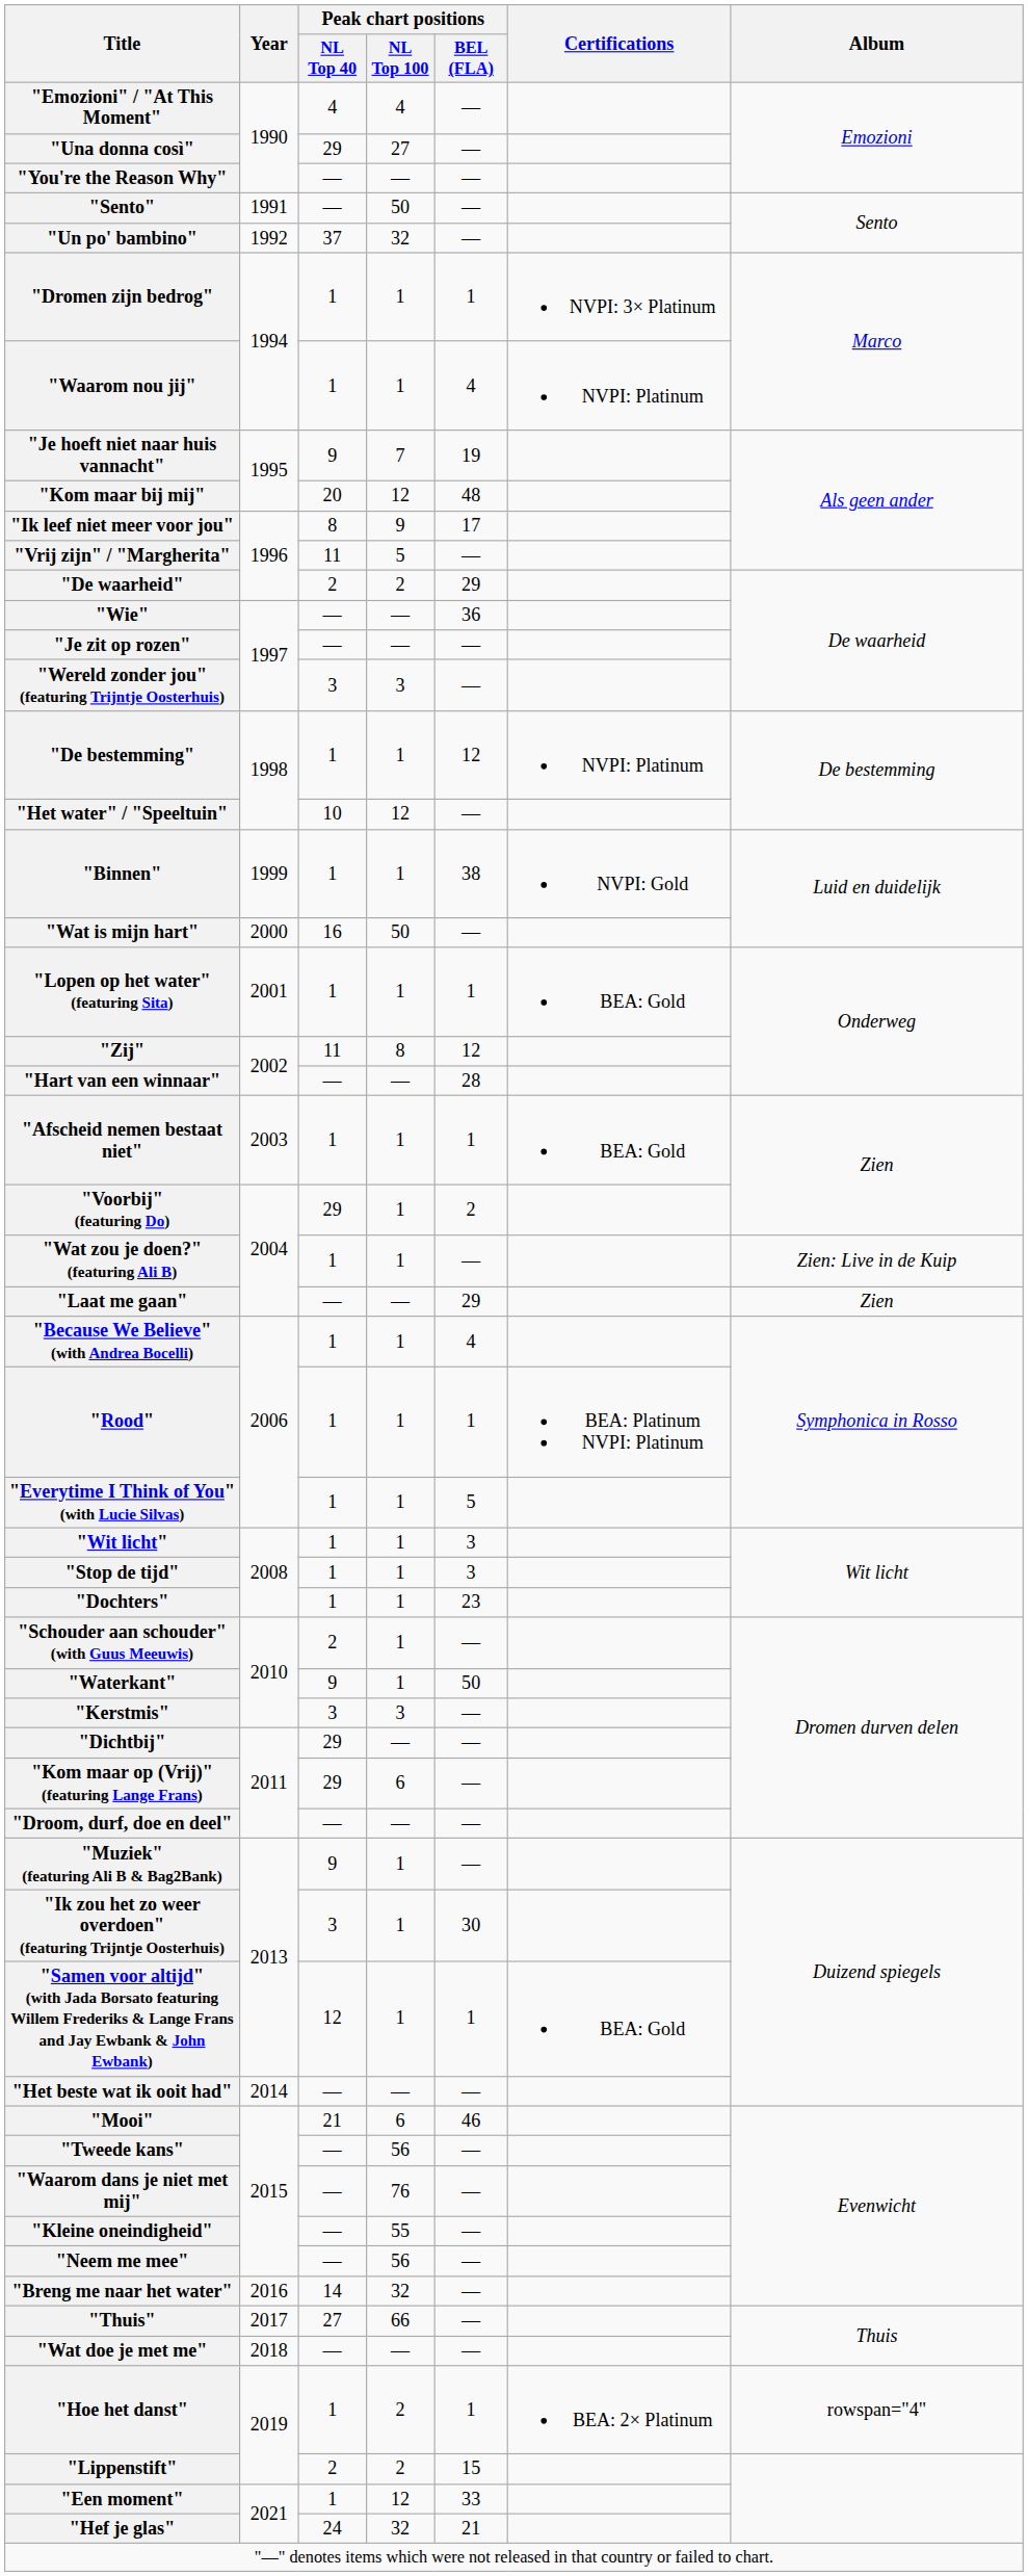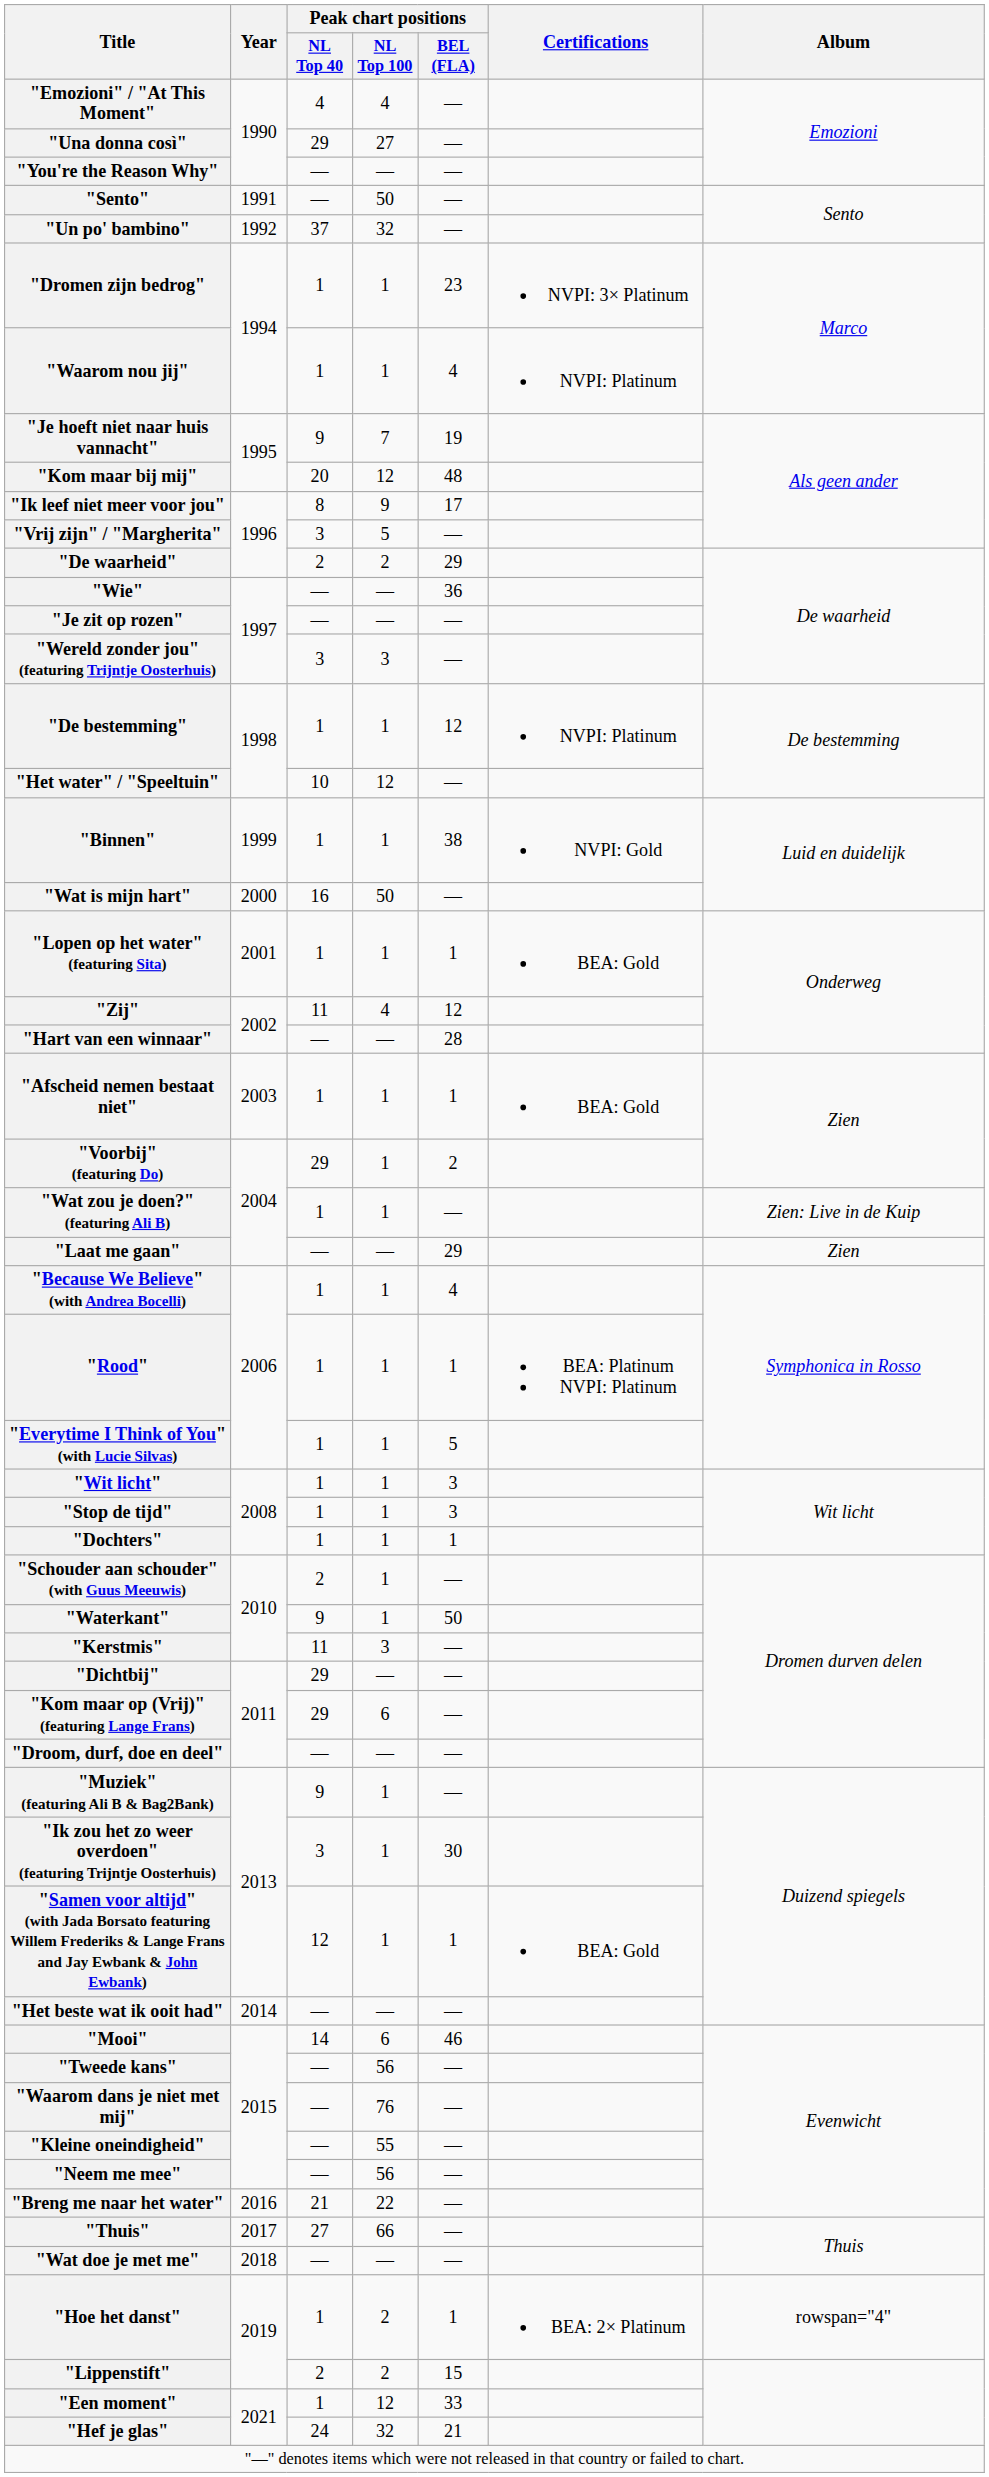 <table class="wikitable plainrowheaders" style="text-align:center;" border="1">
 <tr>
 <th scope="col" rowspan="2" style="width:15em;">Title</th>
 <th scope="col" rowspan="2" style="width:3em;">Year</th>
 <th scope="col" colspan="3">Peak chart positions</th>
 <th scope="col" rowspan="2" style="width:14em;"><a href='#'>Certifications</a></th>
 <th scope="col" rowspan="2" style="width:20em;">Album</th>
 </tr>
 <tr>
 <th scope="col" style="width:4.5em;font-size:90%;"><a href='#'>NL<br>Top 40</a><br></th>
 <th scope="col" style="width:4.5em;font-size:90%;"><a href='#'>NL<br>Top 100</a><br></th>
 <th scope="col" style="width:4.5em;font-size:90%;"><a href='#'>BEL<br>(FLA)</a><br></th>
 </tr>
 <tr>
 <th scope="row">"Emozioni" / "At This Moment"</th>
 <td rowspan="3">1990</td>
 <td>4</td>
 <td>4</td>
 <td>—</td>
 <td></td>
 <td rowspan="3"><em><a href='#'>Emozioni</a></em></td>
 </tr>
 <tr>
 <th scope="row">"Una donna così"</th>
 <td>29</td>
 <td>27</td>
 <td>—</td>
 <td></td>
 </tr>
 <tr>
 <th scope="row">"You're the Reason Why"</th>
 <td>—</td>
 <td>—</td>
 <td>—</td>
 <td></td>
 </tr>
 <tr>
 <th scope="row">"Sento"</th>
 <td>1991</td>
 <td>—</td>
 <td>50</td>
 <td>—</td>
 <td></td>
 <td rowspan="2"><em>Sento</em></td>
 </tr>
 <tr>
 <th scope="row">"Un po' bambino"</th>
 <td>1992</td>
 <td>37</td>
 <td>32</td>
 <td>—</td>
 <td></td>
 </tr>
 <tr>
 <th scope="row">"Dromen zijn bedrog"</th>
 <td rowspan="2">1994</td>
 <td>1</td>
 <td>1</td>
-<td>1</td>
+<td>23</td>
 <td><br><ul><li>NVPI: 3× Platinum</li></ul></td>
 <td rowspan="2"><em><a href='#'>Marco</a></em></td>
 </tr>
 <tr>
 <th scope="row">"Waarom nou jij"</th>
 <td>1</td>
 <td>1</td>
 <td>4</td>
 <td><br><ul><li>NVPI: Platinum</li></ul></td>
 </tr>
 <tr>
 <th scope="row">"Je hoeft niet naar huis vannacht"</th>
 <td rowspan="2">1995</td>
 <td>9</td>
 <td>7</td>
 <td>19</td>
 <td></td>
 <td rowspan="4"><em><a href='#'>Als geen ander</a></em></td>
 </tr>
 <tr>
 <th scope="row">"Kom maar bij mij"</th>
 <td>20</td>
 <td>12</td>
 <td>48</td>
 <td></td>
 </tr>
 <tr>
 <th scope="row">"Ik leef niet meer voor jou"</th>
 <td rowspan="3">1996</td>
 <td>8</td>
 <td>9</td>
 <td>17</td>
 <td></td>
 </tr>
 <tr>
 <th scope="row">"Vrij zijn" / "Margherita"</th>
-<td>11</td>
+<td>3</td>
 <td>5</td>
 <td>—</td>
 <td></td>
 </tr>
 <tr>
 <th scope="row">"De waarheid"</th>
 <td>2</td>
 <td>2</td>
 <td>29</td>
 <td></td>
 <td rowspan="4"><em>De waarheid</em></td>
 </tr>
 <tr>
 <th scope="row">"Wie"</th>
 <td rowspan="3">1997</td>
 <td>—</td>
 <td>—</td>
 <td>36</td>
 <td></td>
 </tr>
 <tr>
 <th scope="row">"Je zit op rozen"</th>
 <td>—</td>
 <td>—</td>
 <td>—</td>
 <td></td>
 </tr>
 <tr>
 <th scope="row">"Wereld zonder jou"<br><small>(featuring <a href='#'>Trijntje Oosterhuis</a>)</small></th>
 <td>3</td>
 <td>3</td>
 <td>—</td>
 <td></td>
 </tr>
 <tr>
 <th scope="row">"De bestemming"</th>
 <td rowspan="2">1998</td>
 <td>1</td>
 <td>1</td>
 <td>12</td>
 <td><br><ul><li>NVPI: Platinum</li></ul></td>
 <td rowspan="2"><em>De bestemming</em></td>
 </tr>
 <tr>
 <th scope="row">"Het water" / "Speeltuin"</th>
 <td>10</td>
 <td>12</td>
 <td>—</td>
 <td></td>
 </tr>
 <tr>
 <th scope="row">"Binnen"</th>
 <td>1999</td>
 <td>1</td>
 <td>1</td>
 <td>38</td>
 <td><br><ul><li>NVPI: Gold</li></ul></td>
 <td rowspan="2"><em>Luid en duidelijk</em></td>
 </tr>
 <tr>
 <th scope="row">"Wat is mijn hart"</th>
 <td>2000</td>
 <td>16</td>
 <td>50</td>
 <td>—</td>
 <td></td>
 </tr>
 <tr>
 <th scope="row">"Lopen op het water"<br><small>(featuring <a href='#'>Sita</a>)</small></th>
 <td>2001</td>
 <td>1</td>
 <td>1</td>
 <td>1</td>
 <td><br><ul><li>BEA: Gold</li></ul></td>
 <td rowspan="3"><em>Onderweg</em></td>
 </tr>
 <tr>
 <th scope="row">"Zij"<br></th>
 <td rowspan="2">2002</td>
 <td>11</td>
-<td>8</td>
+<td>4</td>
 <td>12</td>
 <td></td>
 </tr>
 <tr>
 <th scope="row">"Hart van een winnaar"</th>
 <td>—</td>
 <td>—</td>
 <td>28</td>
 <td></td>
 </tr>
 <tr>
 <th scope="row">"Afscheid nemen bestaat niet"</th>
 <td>2003</td>
 <td>1</td>
 <td>1</td>
 <td>1</td>
 <td><br><ul><li>BEA: Gold</li></ul></td>
 <td rowspan="2"><em>Zien</em></td>
 </tr>
 <tr>
 <th scope="row">"Voorbij"<br><small>(featuring <a href='#'>Do</a>)</small></th>
 <td rowspan="3">2004</td>
 <td>29</td>
 <td>1</td>
 <td>2</td>
 <td></td>
 </tr>
 <tr>
 <th scope="row">"Wat zou je doen?"<br><small>(featuring <a href='#'>Ali B</a>)</small></th>
 <td>1</td>
 <td>1</td>
 <td>—</td>
 <td></td>
 <td><em>Zien: Live in de Kuip</em></td>
 </tr>
 <tr>
 <th scope="row">"Laat me gaan"</th>
 <td>—</td>
 <td>—</td>
 <td>29</td>
 <td></td>
 <td><em>Zien</em></td>
 </tr>
 <tr>
 <th scope="row">"<a href='#'>Because We Believe</a>"<br><small>(with <a href='#'>Andrea Bocelli</a>)</small></th>
 <td rowspan="3">2006</td>
 <td>1</td>
 <td>1</td>
 <td>4</td>
 <td></td>
 <td rowspan="3"><em><a href='#'>Symphonica in Rosso</a></em></td>
 </tr>
 <tr>
 <th scope="row">"<a href='#'>Rood</a>"</th>
 <td>1</td>
 <td>1</td>
 <td>1</td>
 <td><br><ul><li>BEA: Platinum</li><li>NVPI: Platinum</li></ul></td>
 </tr>
 <tr>
 <th scope="row">"<a href='#'>Everytime I Think of You</a>"<br><small>(with <a href='#'>Lucie Silvas</a>)</small></th>
 <td>1</td>
 <td>1</td>
 <td>5</td>
 <td></td>
 </tr>
 <tr>
 <th scope="row">"<a href='#'>Wit licht</a>"</th>
 <td rowspan="3">2008</td>
 <td>1</td>
 <td>1</td>
 <td>3</td>
 <td></td>
 <td rowspan="3"><em>Wit licht</em></td>
 </tr>
 <tr>
 <th scope="row">"Stop de tijd"</th>
 <td>1</td>
 <td>1</td>
 <td>3</td>
 <td></td>
 </tr>
 <tr>
 <th scope="row">"Dochters"</th>
 <td>1</td>
 <td>1</td>
-<td>23</td>
+<td>1</td>
 <td></td>
 </tr>
 <tr>
 <th scope="row">"Schouder aan schouder"<br><small>(with <a href='#'>Guus Meeuwis</a>)</small></th>
 <td rowspan="3">2010</td>
 <td>2</td>
 <td>1</td>
 <td>—</td>
 <td></td>
 <td rowspan="6"><em>Dromen durven delen</em></td>
 </tr>
 <tr>
 <th scope="row">"Waterkant"</th>
 <td>9</td>
 <td>1</td>
 <td>50</td>
 <td></td>
 </tr>
 <tr>
 <th scope="row">"Kerstmis"</th>
-<td>3</td>
+<td>11</td>
 <td>3</td>
 <td>—</td>
 <td></td>
 </tr>
 <tr>
 <th scope="row">"Dichtbij"</th>
 <td rowspan="3">2011</td>
 <td>29</td>
 <td>—</td>
 <td>—</td>
 <td></td>
 </tr>
 <tr>
 <th scope="row">"Kom maar op (Vrij)"<br><small>(featuring <a href='#'>Lange Frans</a>)</small></th>
 <td>29</td>
 <td>6</td>
 <td>—</td>
 <td></td>
 </tr>
 <tr>
 <th scope="row">"Droom, durf, doe en deel"</th>
 <td>—</td>
 <td>—</td>
 <td>—</td>
 <td></td>
 </tr>
 <tr>
 <th scope="row">"Muziek"<br><small>(featuring Ali B & Bag2Bank)</small></th>
 <td rowspan="3">2013</td>
 <td>9</td>
 <td>1</td>
 <td>—</td>
 <td></td>
 <td rowspan="4"><em>Duizend spiegels</em></td>
 </tr>
 <tr>
 <th scope="row">"Ik zou het zo weer overdoen"<br><small>(featuring Trijntje Oosterhuis)</small></th>
 <td>3</td>
 <td>1</td>
 <td>30</td>
 <td></td>
 </tr>
 <tr>
 <th scope="row">"<a href='#'>Samen voor altijd</a>"<br><small>(with Jada Borsato featuring Willem Frederiks & Lange Frans and Jay Ewbank & <a href='#'>John Ewbank</a>)</small></th>
 <td>12</td>
 <td>1</td>
 <td>1</td>
 <td><br><ul><li>BEA: Gold</li></ul></td>
 </tr>
 <tr>
 <th scope="row">"Het beste wat ik ooit had"</th>
 <td>2014</td>
 <td>—</td>
 <td>—</td>
 <td>—</td>
 <td></td>
 </tr>
 <tr>
 <th scope="row">"Mooi"</th>
 <td rowspan="5">2015</td>
-<td>21</td>
+<td>14</td>
 <td>6</td>
 <td>46</td>
 <td></td>
 <td rowspan="6"><em>Evenwicht</em></td>
 </tr>
 <tr>
 <th scope="row">"Tweede kans"</th>
 <td>—</td>
 <td>56</td>
 <td>—</td>
 <td></td>
 </tr>
 <tr>
 <th scope="row">"Waarom dans je niet met mij"</th>
 <td>—</td>
 <td>76</td>
 <td>—</td>
 <td></td>
 </tr>
 <tr>
 <th scope="row">"Kleine oneindigheid"</th>
 <td>—</td>
 <td>55</td>
 <td>—</td>
 <td></td>
 </tr>
 <tr>
 <th scope="row">"Neem me mee"<br></th>
 <td>—</td>
 <td>56</td>
 <td>—</td>
 <td></td>
 </tr>
 <tr>
 <th scope="row">"Breng me naar het water"<br></th>
 <td>2016</td>
-<td>14</td>
-<td>32</td>
+<td>21</td>
+<td>22</td>
 <td>—</td>
 <td></td>
 </tr>
 <tr>
 <th scope="row">"Thuis"</th>
 <td>2017</td>
 <td>27</td>
 <td>66</td>
 <td>—</td>
 <td></td>
 <td rowspan="2"><em>Thuis</em></td>
 </tr>
 <tr>
 <th scope="row">"Wat doe je met me"</th>
 <td>2018</td>
 <td>—</td>
 <td>—</td>
 <td>—</td>
 <td></td>
 </tr>
 <tr>
 <th scope="row">"Hoe het danst"<br></th>
 <td rowspan="2">2019</td>
 <td>1</td>
 <td>2</td>
 <td>1</td>
 <td><br><ul><li>BEA: 2× Platinum</li></ul></td>
 <td>rowspan="4" </td>
 </tr>
 <tr>
 <th scope="row">"Lippenstift"<br></th>
 <td>2</td>
 <td>2</td>
 <td>15</td>
 <td></td>
 </tr>
 <tr>
 <th scope="row">"Een moment"<br></th>
 <td rowspan="2">2021</td>
 <td>1</td>
 <td>12</td>
 <td>33</td>
 <td></td>
 </tr>
 <tr>
 <th scope="row">"Hef je glas"<br></th>
 <td>24</td>
 <td>32</td>
 <td>21</td>
 <td></td>
 </tr>
 <tr>
 <td colspan="7" align="center" style="font-size:90%;">"—" denotes items which were not released in that country or failed to chart.</td>
 </tr>
 </table>
